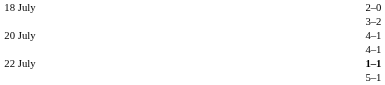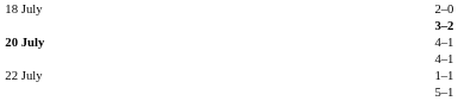 <table cellspacing="1" style="width:70%;">
 <tr>
 <th width=25%></th>
 <th width=30%></th>
 <th width=15%></th>
 <th width=30%></th>
 </tr>
 <tr>
 <td>18 July</td>
 <td align=right></td>
 <td align=center>2–0</td>
 <td></td>
 </tr>
 <tr>
 <td></td>
 <td align=right></td>
-<td align=center>3–2</td>
+<td align=center><strong>3–2</strong></td>
 <td></td>
 </tr>
 <tr>
-<td>20 July</td>
+<td><strong>20 July</strong></td>
 <td align=right></td>
 <td align=center>4–1</td>
 <td></td>
 </tr>
 <tr>
 <td></td>
 <td align=right></td>
 <td align=center>4–1</td>
 <td></td>
 </tr>
 <tr>
 <td>22 July</td>
 <td align=right></td>
-<td align=center><strong>1–1</strong></td>
+<td align=center>1–1</td>
 <td></td>
 </tr>
 <tr>
 <td></td>
 <td align=right></td>
 <td align=center>5–1</td>
 <td></td>
 </tr>
 </table>
